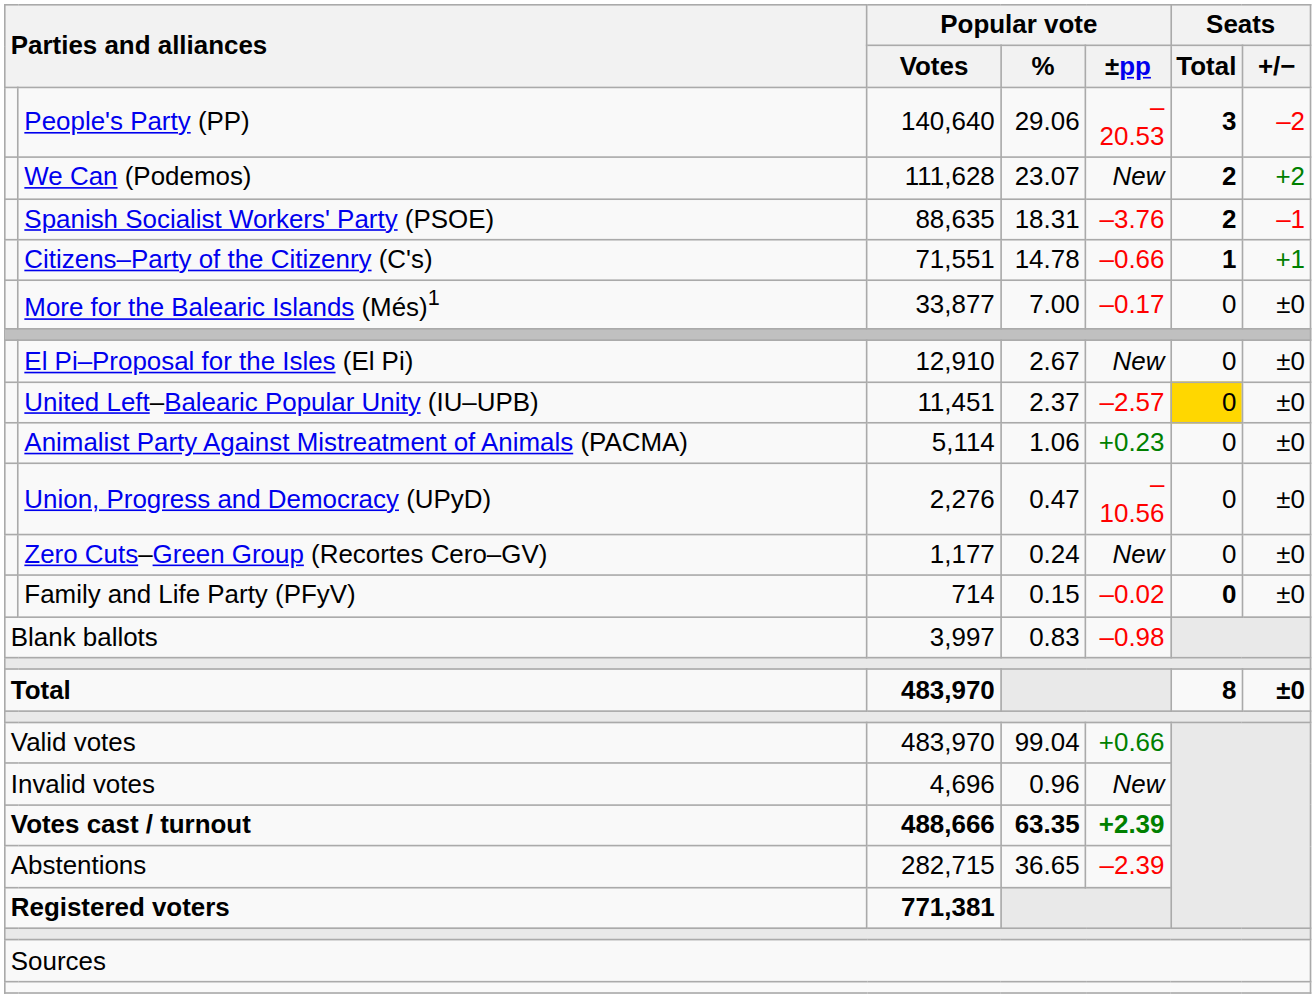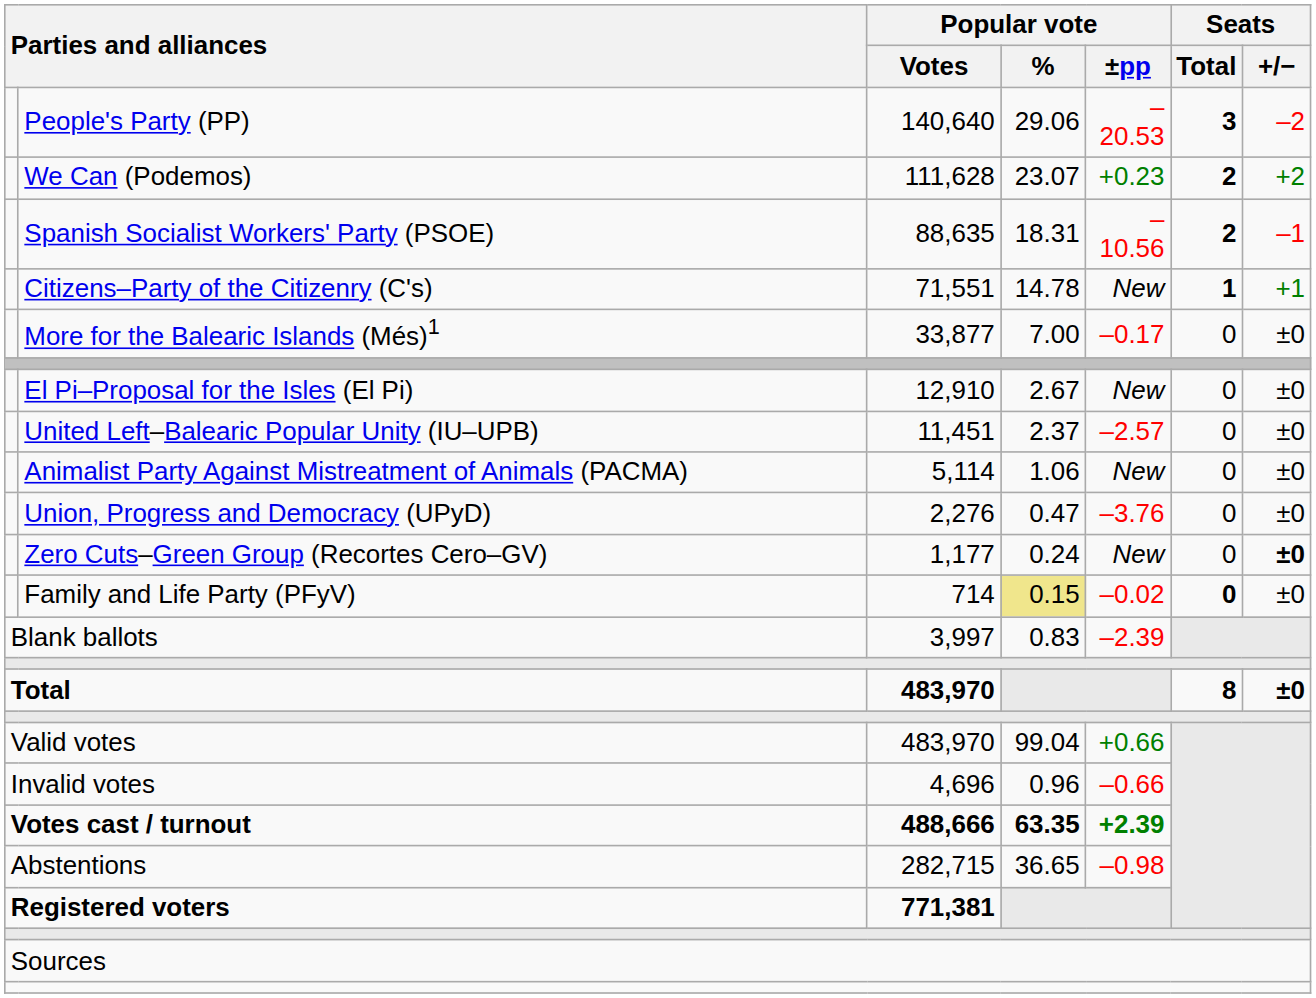 <table class="wikitable" style="text-align:right;">
 <tr>
 <th style="text-align:left;" rowspan="2" colspan="2" width="525">Parties and alliances</th>
 <th colspan="3">Popular vote</th>
 <th colspan="2">Seats</th>
 </tr>
 <tr>
 <th width="75">Votes</th>
 <th width="45">%</th>
 <th width="45">±<a href='#'>pp</a></th>
 <th width="35">Total</th>
 <th width="35">+/−</th>
 </tr>
 <tr>
 <td width="1" style="color:inherit;background:"></td>
 <td align="left"><a href='#'>People's Party</a> (PP)</td>
 <td>140,640</td>
 <td>29.06</td>
 <td style="color:red;">–20.53</td>
 <td><strong>3</strong></td>
 <td style="color:red;">–2</td>
 </tr>
 <tr>
 <td style="color:inherit;background:"></td>
 <td align="left"><a href='#'>We Can</a> (Podemos)</td>
 <td>111,628</td>
 <td>23.07</td>
-<td><em>New</em></td>
+<td style="color:green;">+0.23</td>
 <td><strong>2</strong></td>
 <td style="color:green;">+2</td>
 </tr>
 <tr>
 <td style="color:inherit;background:"></td>
 <td align="left"><a href='#'>Spanish Socialist Workers' Party</a> (PSOE)</td>
 <td>88,635</td>
 <td>18.31</td>
-<td style="color:red;">–3.76</td>
+<td style="color:red;">–10.56</td>
 <td><strong>2</strong></td>
 <td style="color:red;">–1</td>
 </tr>
 <tr>
 <td style="color:inherit;background:"></td>
 <td align="left"><a href='#'>Citizens–Party of the Citizenry</a> (C's)</td>
 <td>71,551</td>
 <td>14.78</td>
-<td style="color:red;">–0.66</td>
+<td><em>New</em></td>
 <td><strong>1</strong></td>
 <td style="color:green;">+1</td>
 </tr>
 <tr>
 <td style="color:inherit;background:"></td>
 <td align="left"><a href='#'>More for the Balearic Islands</a> (Més)<sup>1</sup></td>
 <td>33,877</td>
 <td>7.00</td>
 <td style="color:red;">–0.17</td>
 <td>0</td>
 <td>±0</td>
 </tr>
 <tr>
 <td colspan="7" bgcolor="#C0C0C0"></td>
 </tr>
 <tr>
 <td style="color:inherit;background:"></td>
 <td align="left"><a href='#'>El Pi–Proposal for the Isles</a> (El Pi)</td>
 <td>12,910</td>
 <td>2.67</td>
 <td><em>New</em></td>
 <td>0</td>
 <td>±0</td>
 </tr>
 <tr>
 <td style="color:inherit;background:"></td>
 <td align="left"><a href='#'>United Left</a>–<a href='#'>Balearic Popular Unity</a> (IU–UPB)</td>
 <td>11,451</td>
 <td>2.37</td>
 <td style="color:red;">–2.57</td>
-<td style="background: gold;">0</td>
+<td>0</td>
 <td>±0</td>
 </tr>
 <tr>
 <td style="color:inherit;background:"></td>
 <td align="left"><a href='#'>Animalist Party Against Mistreatment of Animals</a> (PACMA)</td>
 <td>5,114</td>
 <td>1.06</td>
-<td style="color:green;">+0.23</td>
+<td><em>New</em></td>
 <td>0</td>
 <td>±0</td>
 </tr>
 <tr>
 <td style="color:inherit;background:"></td>
 <td align="left"><a href='#'>Union, Progress and Democracy</a> (UPyD)</td>
 <td>2,276</td>
 <td>0.47</td>
-<td style="color:red;">–10.56</td>
+<td style="color:red;">–3.76</td>
 <td>0</td>
 <td>±0</td>
 </tr>
 <tr>
 <td style="color:inherit;background:"></td>
 <td align="left"><a href='#'>Zero Cuts</a>–<a href='#'>Green Group</a> (Recortes Cero–GV)</td>
 <td>1,177</td>
 <td>0.24</td>
 <td><em>New</em></td>
 <td>0</td>
-<td>±0</td>
+<td><strong>±0</strong></td>
 </tr>
 <tr>
 <td style="color:inherit;background:"></td>
 <td align="left">Family and Life Party (PFyV)</td>
 <td>714</td>
-<td>0.15</td>
+<td style="background: khaki;">0.15</td>
 <td style="color:red;">–0.02</td>
 <td><strong>0</strong></td>
 <td>±0</td>
 </tr>
 <tr>
 <td align="left" colspan="2">Blank ballots</td>
 <td>3,997</td>
 <td>0.83</td>
-<td style="color:red;">–0.98</td>
+<td style="color:red;">–2.39</td>
 <td bgcolor="#E9E9E9" colspan="2"></td>
 </tr>
 <tr>
 <td colspan="7" bgcolor="#E9E9E9"></td>
 </tr>
 <tr style="font-weight:bold;">
 <td align="left" colspan="2">Total</td>
 <td>483,970</td>
 <td bgcolor="#E9E9E9" colspan="2"></td>
 <td>8</td>
 <td>±0</td>
 </tr>
 <tr>
 <td colspan="7" bgcolor="#E9E9E9"></td>
 </tr>
 <tr>
 <td align="left" colspan="2">Valid votes</td>
 <td>483,970</td>
 <td>99.04</td>
 <td style="color:green;">+0.66</td>
 <td bgcolor="#E9E9E9" colspan="2" rowspan="5"></td>
 </tr>
 <tr>
 <td align="left" colspan="2">Invalid votes</td>
 <td>4,696</td>
 <td>0.96</td>
-<td><em>New</em></td>
+<td style="color:red;">–0.66</td>
 </tr>
 <tr style="font-weight:bold;">
 <td align="left" colspan="2">Votes cast / turnout</td>
 <td>488,666</td>
 <td>63.35</td>
 <td style="color:green;">+2.39</td>
 </tr>
 <tr>
 <td align="left" colspan="2">Abstentions</td>
 <td>282,715</td>
 <td>36.65</td>
-<td style="color:red;">–2.39</td>
+<td style="color:red;">–0.98</td>
 </tr>
 <tr style="font-weight:bold;">
 <td align="left" colspan="2">Registered voters</td>
 <td>771,381</td>
 <td bgcolor="#E9E9E9" colspan="2"></td>
 </tr>
 <tr>
 <td colspan="7" bgcolor="#E9E9E9"></td>
 </tr>
 <tr>
 <td align="left" colspan="7">Sources</td>
 </tr>
 <tr>
 <td colspan="7" style="text-align:left; max-width:790px;"></td>
 </tr>
 </table>
